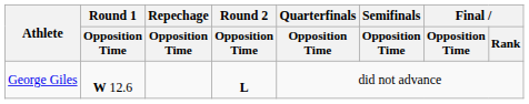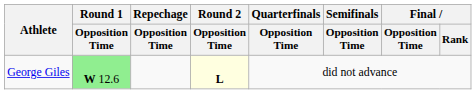 <table class="wikitable" style="font-size:90%;text-align:center;">
 <tr>
 <th rowspan=2>Athlete</th>
 <th>Round 1</th>
 <th>Repechage</th>
 <th>Round 2</th>
 <th>Quarterfinals</th>
 <th>Semifinals</th>
 <th colspan=2>Final / </th>
 </tr>
 <tr style="font-size:95%">
 <th>Opposition<br>Time</th>
 <th>Opposition<br>Time</th>
 <th>Opposition<br>Time</th>
 <th>Opposition<br>Time</th>
 <th>Opposition<br>Time</th>
 <th>Opposition<br>Time</th>
 <th>Rank</th>
 </tr>
 <tr>
 <td style="text-align:left;"><a href='#'>George Giles</a></td>
-<td><br><strong>W</strong> 12.6</td>
+<td style="background: lightgreen;"><br><strong>W</strong> 12.6</td>
 <td></td>
-<td><br><strong>L</strong></td>
+<td style="background: lightyellow;"><br><strong>L</strong></td>
 <td colspan=4>did not advance</td>
 </tr>
 </table>
